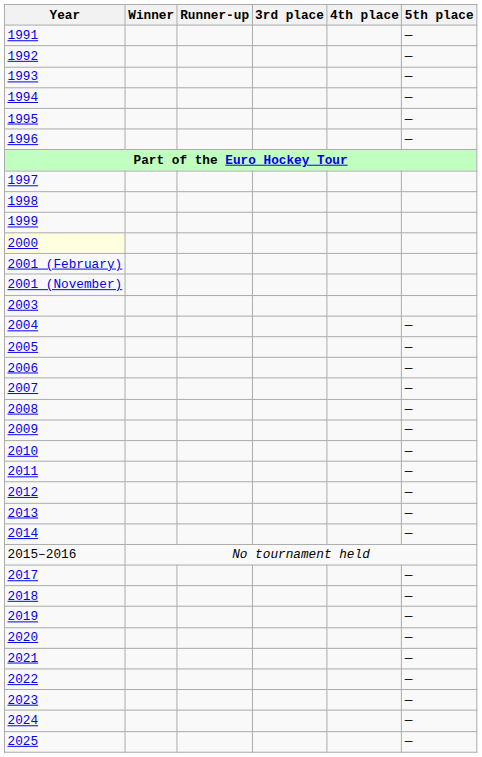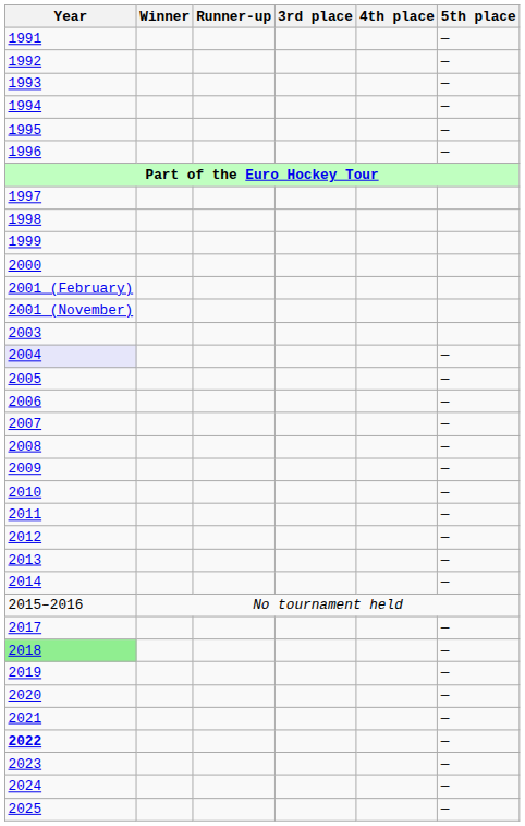 <table class="wikitable">
 <tr>
 <th>Year</th>
 <th>Winner</th>
 <th>Runner-up</th>
 <th>3rd place</th>
 <th>4th place</th>
 <th>5th place</th>
 </tr>
 <tr>
 <td><a href='#'>1991</a></td>
 <td></td>
 <td></td>
 <td></td>
 <td></td>
 <td>—</td>
 </tr>
 <tr>
 <td><a href='#'>1992</a></td>
 <td></td>
 <td></td>
 <td></td>
 <td></td>
 <td>—</td>
 </tr>
 <tr>
 <td><a href='#'>1993</a></td>
 <td></td>
 <td></td>
 <td></td>
 <td></td>
 <td>—</td>
 </tr>
 <tr>
 <td><a href='#'>1994</a></td>
 <td></td>
 <td></td>
 <td></td>
 <td></td>
 <td>—</td>
 </tr>
 <tr>
 <td><a href='#'>1995</a></td>
 <td></td>
 <td></td>
 <td></td>
 <td></td>
 <td>—</td>
 </tr>
 <tr>
 <td><a href='#'>1996</a></td>
 <td></td>
 <td></td>
 <td></td>
 <td></td>
 <td>—</td>
 </tr>
 <tr>
 <th colspan=6 style="text-align: center; background-color: #c0ffc0">Part of the <a href='#'>Euro Hockey Tour</a></th>
 </tr>
 <tr>
 <td><a href='#'>1997</a></td>
 <td></td>
 <td></td>
 <td></td>
 <td></td>
 <td></td>
 </tr>
 <tr>
 <td><a href='#'>1998</a></td>
 <td></td>
 <td></td>
 <td></td>
 <td></td>
 <td></td>
 </tr>
 <tr>
 <td><a href='#'>1999</a></td>
 <td></td>
 <td></td>
 <td></td>
 <td></td>
 <td></td>
 </tr>
 <tr>
-<td style="background: lightyellow;"><a href='#'>2000</a></td>
+<td><a href='#'>2000</a></td>
 <td></td>
 <td></td>
 <td></td>
 <td></td>
 <td></td>
 </tr>
 <tr>
 <td><a href='#'>2001 (February)</a></td>
 <td></td>
 <td></td>
 <td></td>
 <td></td>
 <td></td>
 </tr>
 <tr>
 <td><a href='#'>2001 (November)</a></td>
 <td></td>
 <td></td>
 <td></td>
 <td></td>
 <td></td>
 </tr>
 <tr>
 <td><a href='#'>2003</a></td>
 <td></td>
 <td></td>
 <td></td>
 <td></td>
 <td></td>
 </tr>
 <tr>
-<td><a href='#'>2004</a></td>
+<td style="background: lavender;"><a href='#'>2004</a></td>
 <td></td>
 <td></td>
 <td></td>
 <td></td>
 <td>—</td>
 </tr>
 <tr>
 <td><a href='#'>2005</a></td>
 <td></td>
 <td></td>
 <td></td>
 <td></td>
 <td>—</td>
 </tr>
 <tr>
 <td><a href='#'>2006</a></td>
 <td></td>
 <td></td>
 <td></td>
 <td></td>
 <td>—</td>
 </tr>
 <tr>
 <td><a href='#'>2007</a></td>
 <td></td>
 <td></td>
 <td></td>
 <td></td>
 <td>—</td>
 </tr>
 <tr>
 <td><a href='#'>2008</a></td>
 <td></td>
 <td></td>
 <td></td>
 <td></td>
 <td>—</td>
 </tr>
 <tr>
 <td><a href='#'>2009</a></td>
 <td></td>
 <td></td>
 <td></td>
 <td></td>
 <td>—</td>
 </tr>
 <tr>
 <td><a href='#'>2010</a></td>
 <td></td>
 <td></td>
 <td></td>
 <td></td>
 <td>—</td>
 </tr>
 <tr>
 <td><a href='#'>2011</a></td>
 <td></td>
 <td></td>
 <td></td>
 <td></td>
 <td>—</td>
 </tr>
 <tr>
 <td><a href='#'>2012</a></td>
 <td></td>
 <td></td>
 <td></td>
 <td></td>
 <td>—</td>
 </tr>
 <tr>
 <td><a href='#'>2013</a></td>
 <td></td>
 <td></td>
 <td></td>
 <td></td>
 <td>—</td>
 </tr>
 <tr>
 <td><a href='#'>2014</a></td>
 <td></td>
 <td></td>
 <td></td>
 <td></td>
 <td>—</td>
 </tr>
 <tr>
 <td>2015–2016</td>
 <td colspan="5" style="text-align: center;"><em>No tournament held</em></td>
 </tr>
 <tr>
 <td><a href='#'>2017</a></td>
 <td></td>
 <td></td>
 <td></td>
 <td></td>
 <td>—</td>
 </tr>
 <tr>
-<td><a href='#'>2018</a></td>
+<td style="background: lightgreen;"><a href='#'>2018</a></td>
 <td></td>
 <td></td>
 <td></td>
 <td></td>
 <td>—</td>
 </tr>
 <tr>
 <td><a href='#'>2019</a></td>
 <td></td>
 <td></td>
 <td></td>
 <td></td>
 <td>—</td>
 </tr>
 <tr>
 <td><a href='#'>2020</a></td>
 <td></td>
 <td></td>
 <td></td>
 <td></td>
 <td>—</td>
 </tr>
 <tr>
 <td><a href='#'>2021</a></td>
 <td></td>
 <td></td>
 <td></td>
 <td></td>
 <td>—</td>
 </tr>
 <tr>
-<td><a href='#'>2022</a></td>
+<td><strong><a href='#'>2022</a></strong></td>
 <td></td>
 <td></td>
 <td></td>
 <td></td>
 <td>—</td>
 </tr>
 <tr>
 <td><a href='#'>2023</a></td>
 <td></td>
 <td></td>
 <td></td>
 <td></td>
 <td>—</td>
 </tr>
 <tr>
 <td><a href='#'>2024</a></td>
 <td></td>
 <td></td>
 <td></td>
 <td></td>
 <td>—</td>
 </tr>
 <tr>
 <td><a href='#'>2025</a></td>
 <td></td>
 <td></td>
 <td></td>
 <td></td>
 <td>—</td>
 </tr>
 </table>
